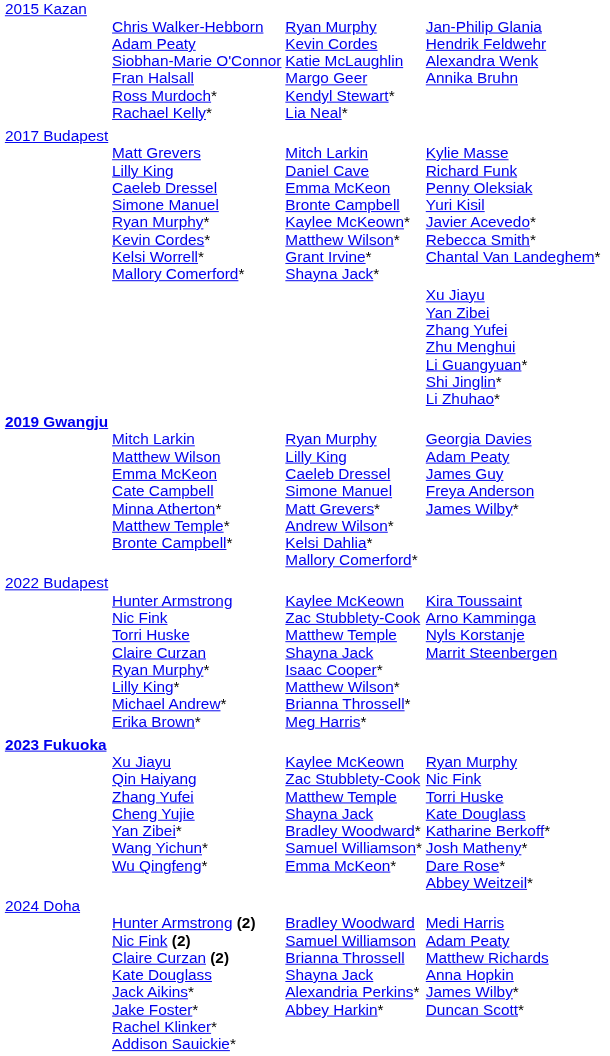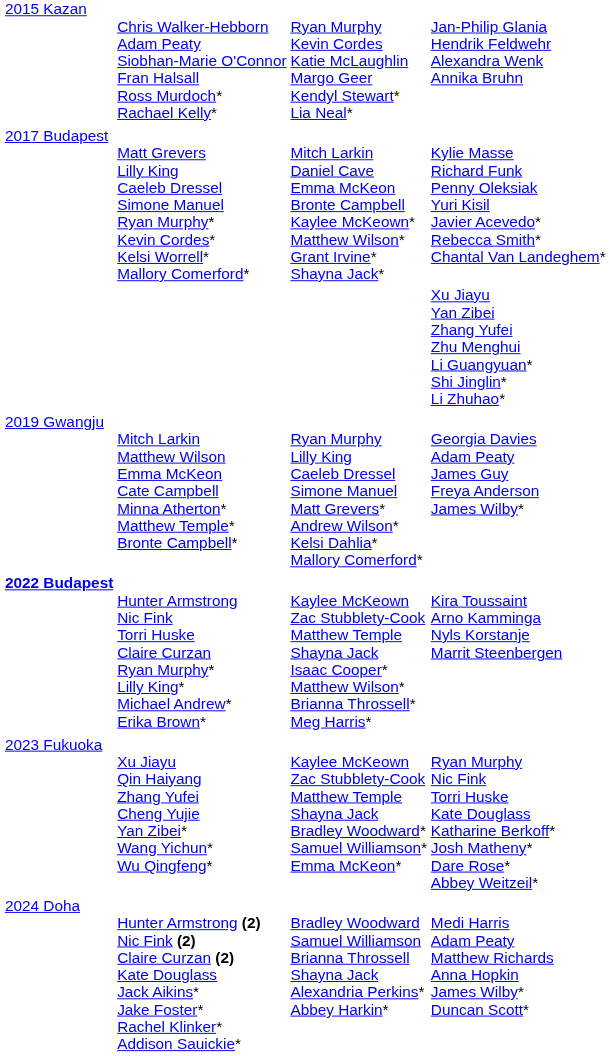 <table>
 <tr valign="top">
 <td><a href='#'>2015 Kazan</a></td>
 <td><br><a href='#'>Chris Walker-Hebborn</a><br><a href='#'>Adam Peaty</a><br><a href='#'>Siobhan-Marie O'Connor</a><br><a href='#'>Fran Halsall</a><br><a href='#'>Ross Murdoch</a>*<br><a href='#'>Rachael Kelly</a>*</td>
 <td><br><a href='#'>Ryan Murphy</a><br><a href='#'>Kevin Cordes</a><br><a href='#'>Katie McLaughlin</a><br><a href='#'>Margo Geer</a><br><a href='#'>Kendyl Stewart</a>*<br><a href='#'>Lia Neal</a>*</td>
 <td><br><a href='#'>Jan-Philip Glania</a><br><a href='#'>Hendrik Feldwehr</a><br><a href='#'>Alexandra Wenk</a><br><a href='#'>Annika Bruhn</a></td>
 </tr>
 <tr>
 </tr>
 <tr valign=top>
 <td rowspan=2><a href='#'>2017 Budapest</a></td>
 <td rowspan=2><br><a href='#'>Matt Grevers</a><br><a href='#'>Lilly King</a><br><a href='#'>Caeleb Dressel</a><br><a href='#'>Simone Manuel</a><br><a href='#'>Ryan Murphy</a>*<br><a href='#'>Kevin Cordes</a>*<br><a href='#'>Kelsi Worrell</a>*<br><a href='#'>Mallory Comerford</a>*</td>
 <td rowspan=2><br><a href='#'>Mitch Larkin</a><br><a href='#'>Daniel Cave</a><br><a href='#'>Emma McKeon</a><br><a href='#'>Bronte Campbell</a><br><a href='#'>Kaylee McKeown</a>*<br><a href='#'>Matthew Wilson</a>*<br><a href='#'>Grant Irvine</a>*<br><a href='#'>Shayna Jack</a>*</td>
 <td><br><a href='#'>Kylie Masse</a><br><a href='#'>Richard Funk</a><br><a href='#'>Penny Oleksiak</a><br><a href='#'>Yuri Kisil</a><br><a href='#'>Javier Acevedo</a>*<br><a href='#'>Rebecca Smith</a>*<br><a href='#'>Chantal Van Landeghem</a>*</td>
 </tr>
 <tr>
 <td><br><a href='#'>Xu Jiayu</a><br><a href='#'>Yan Zibei</a><br><a href='#'>Zhang Yufei</a><br><a href='#'>Zhu Menghui</a><br><a href='#'>Li Guangyuan</a>*<br><a href='#'>Shi Jinglin</a>*<br><a href='#'>Li Zhuhao</a>*</td>
 </tr>
 <tr>
 </tr>
 <tr valign="top">
-<td><strong><a href='#'>2019 Gwangju</a></strong></td>
+<td><a href='#'>2019 Gwangju</a></td>
 <td><br><a href='#'>Mitch Larkin</a><br><a href='#'>Matthew Wilson</a><br><a href='#'>Emma McKeon</a><br><a href='#'>Cate Campbell</a><br><a href='#'>Minna Atherton</a>*<br><a href='#'>Matthew Temple</a>*<br><a href='#'>Bronte Campbell</a>*</td>
 <td><br><a href='#'>Ryan Murphy</a><br><a href='#'>Lilly King</a><br><a href='#'>Caeleb Dressel</a><br><a href='#'>Simone Manuel</a><br><a href='#'>Matt Grevers</a>*<br><a href='#'>Andrew Wilson</a>*<br><a href='#'>Kelsi Dahlia</a>*<br><a href='#'>Mallory Comerford</a>*</td>
 <td><br><a href='#'>Georgia Davies</a><br><a href='#'>Adam Peaty</a><br><a href='#'>James Guy</a><br><a href='#'>Freya Anderson</a><br><a href='#'>James Wilby</a>*</td>
 </tr>
 <tr>
 </tr>
 <tr valign="top">
-<td><a href='#'>2022 Budapest</a></td>
+<td><strong><a href='#'>2022 Budapest</a></strong></td>
 <td><br><a href='#'>Hunter Armstrong</a><br><a href='#'>Nic Fink</a><br><a href='#'>Torri Huske</a><br><a href='#'>Claire Curzan</a><br><a href='#'>Ryan Murphy</a>*<br><a href='#'>Lilly King</a>*<br><a href='#'>Michael Andrew</a>*<br><a href='#'>Erika Brown</a>*</td>
 <td><br><a href='#'>Kaylee McKeown</a><br><a href='#'>Zac Stubblety-Cook</a><br><a href='#'>Matthew Temple</a><br><a href='#'>Shayna Jack</a><br><a href='#'>Isaac Cooper</a>*<br><a href='#'>Matthew Wilson</a>*<br><a href='#'>Brianna Throssell</a>*<br><a href='#'>Meg Harris</a>*</td>
 <td><br><a href='#'>Kira Toussaint</a><br><a href='#'>Arno Kamminga</a><br><a href='#'>Nyls Korstanje</a><br><a href='#'>Marrit Steenbergen</a></td>
 </tr>
 <tr>
 </tr>
 <tr valign="top">
-<td><strong><a href='#'>2023 Fukuoka</a></strong></td>
+<td><a href='#'>2023 Fukuoka</a></td>
 <td><br><a href='#'>Xu Jiayu</a><br><a href='#'>Qin Haiyang</a><br><a href='#'>Zhang Yufei</a><br><a href='#'>Cheng Yujie</a><br><a href='#'>Yan Zibei</a>*<br><a href='#'>Wang Yichun</a>*<br><a href='#'>Wu Qingfeng</a>*</td>
 <td><br><a href='#'>Kaylee McKeown</a><br><a href='#'>Zac Stubblety-Cook</a><br><a href='#'>Matthew Temple</a><br><a href='#'>Shayna Jack</a><br><a href='#'>Bradley Woodward</a>*<br><a href='#'>Samuel Williamson</a>*<br><a href='#'>Emma McKeon</a>*</td>
 <td><br><a href='#'>Ryan Murphy</a><br><a href='#'>Nic Fink</a><br><a href='#'>Torri Huske</a><br><a href='#'>Kate Douglass</a><br><a href='#'>Katharine Berkoff</a>*<br><a href='#'>Josh Matheny</a>*<br><a href='#'>Dare Rose</a>*<br><a href='#'>Abbey Weitzeil</a>*</td>
 </tr>
 <tr>
 </tr>
 <tr valign="top">
 <td><a href='#'>2024 Doha</a></td>
 <td><br><a href='#'>Hunter Armstrong</a> <strong>(2)</strong><br><a href='#'>Nic Fink</a> <strong>(2)</strong><br><a href='#'>Claire Curzan</a> <strong>(2)</strong><br><a href='#'>Kate Douglass</a><br><a href='#'>Jack Aikins</a>*<br><a href='#'>Jake Foster</a>*<br><a href='#'>Rachel Klinker</a>*<br><a href='#'>Addison Sauickie</a>*</td>
 <td><br><a href='#'>Bradley Woodward</a><br><a href='#'>Samuel Williamson</a><br><a href='#'>Brianna Throssell</a><br><a href='#'>Shayna Jack</a><br><a href='#'>Alexandria Perkins</a>*<br><a href='#'>Abbey Harkin</a>*</td>
 <td><br><a href='#'>Medi Harris</a><br><a href='#'>Adam Peaty</a><br><a href='#'>Matthew Richards</a><br><a href='#'>Anna Hopkin</a><br><a href='#'>James Wilby</a>*<br><a href='#'>Duncan Scott</a>*</td>
 </tr>
 </table>
